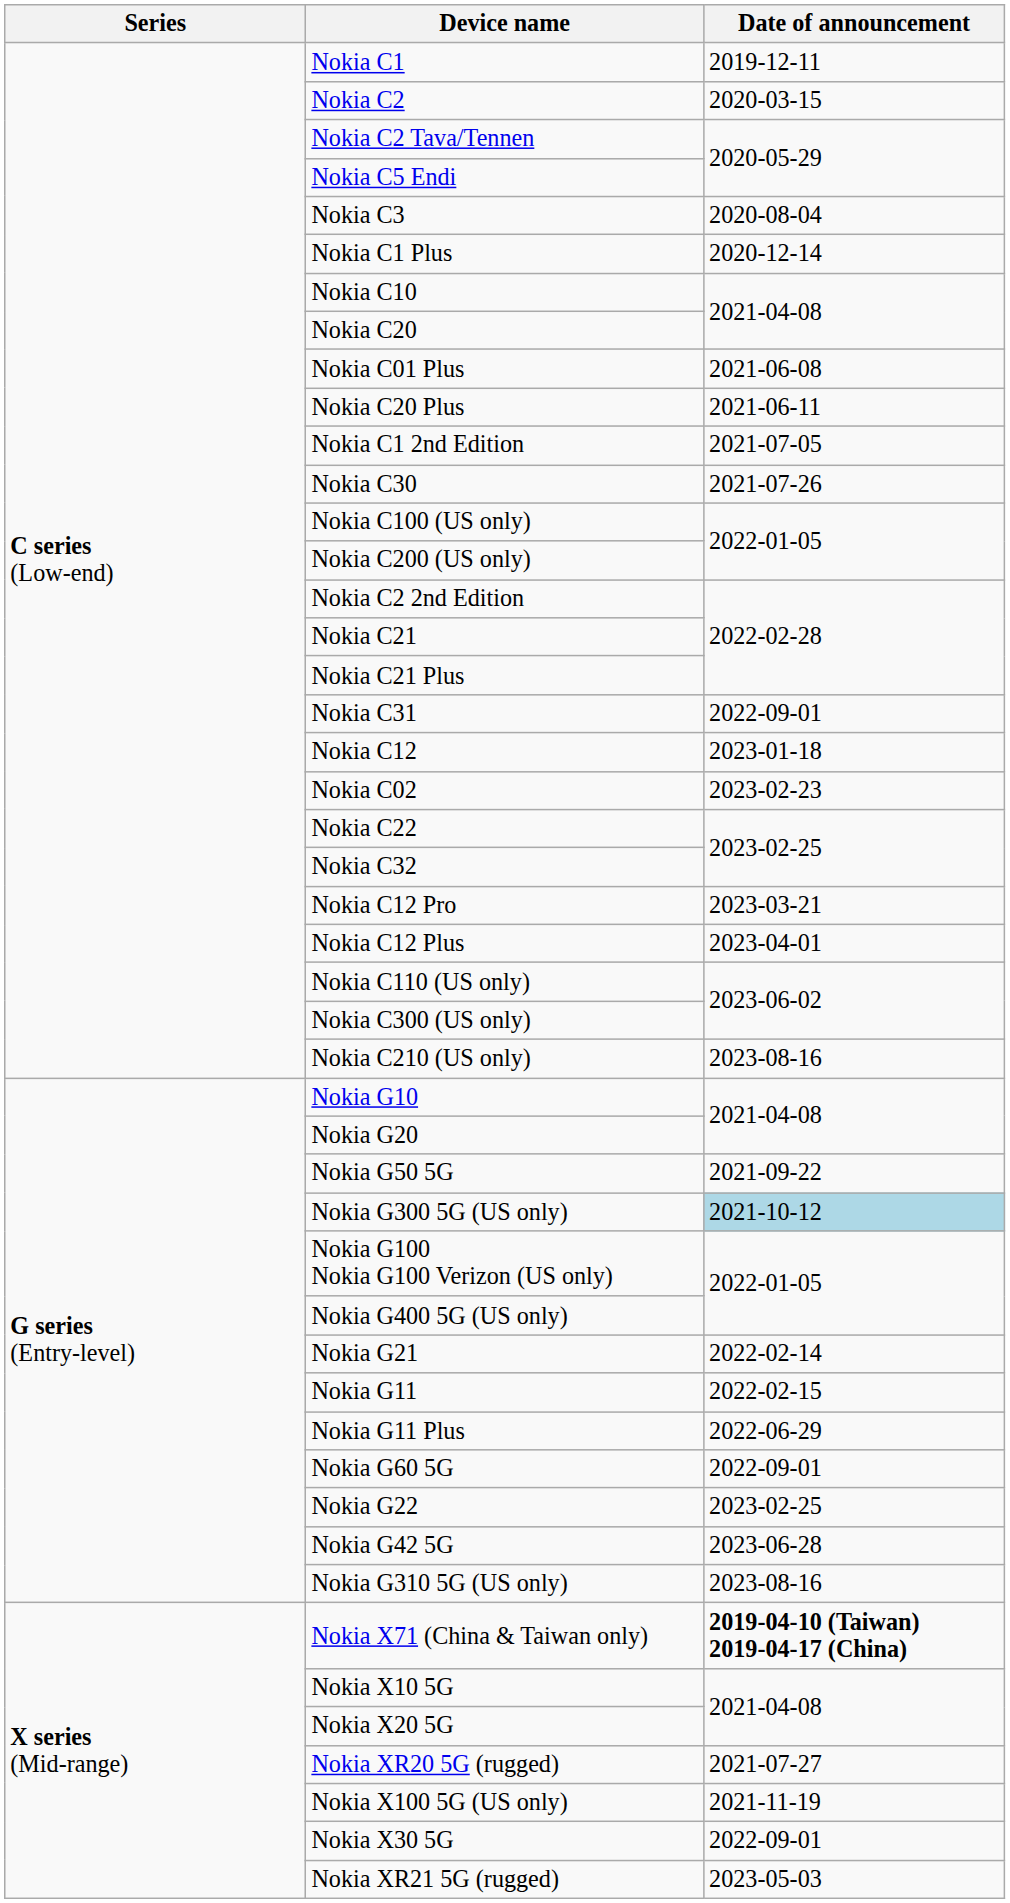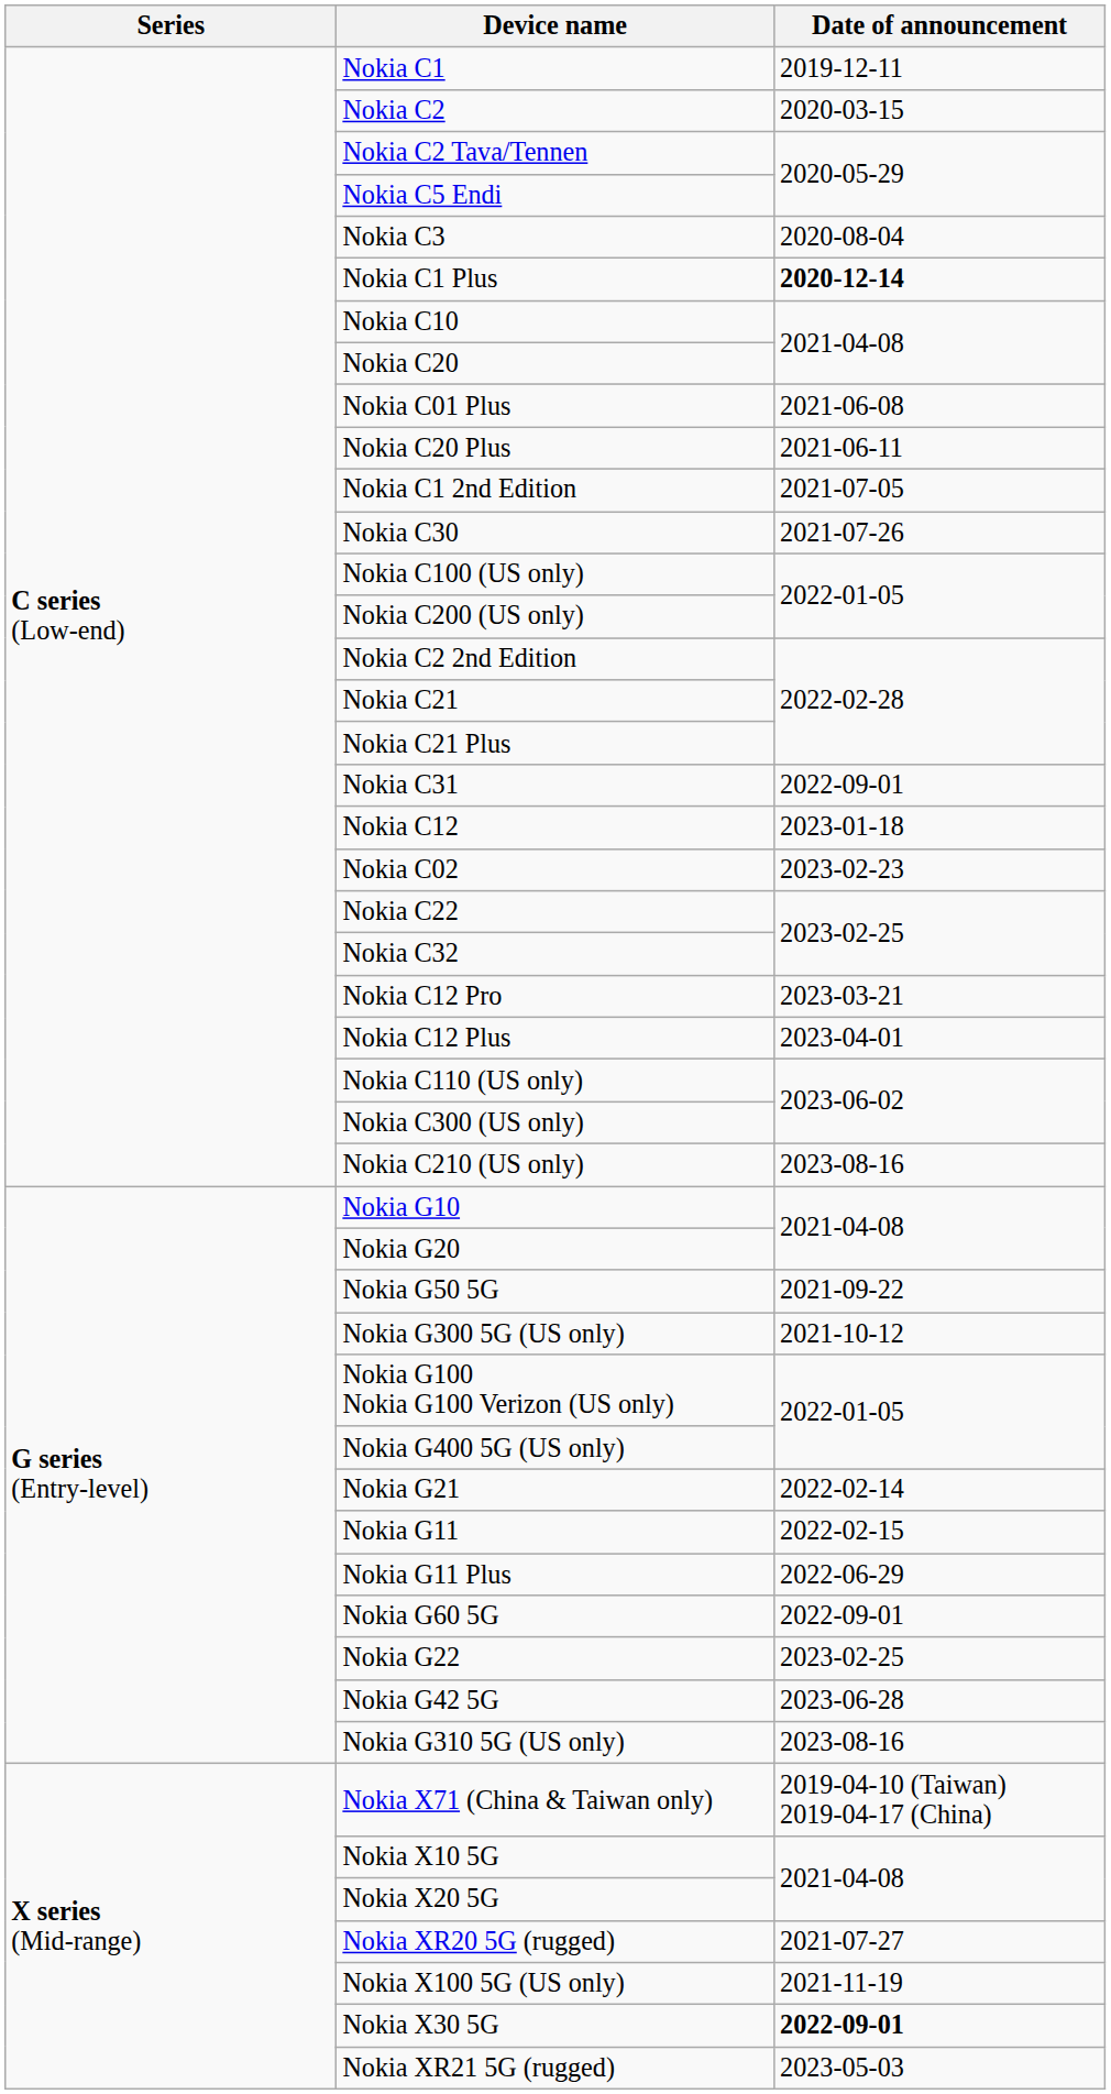 <table class="wikitable sortable">
 <tr>
 <th scope="col" style="width: 192px;">Series</th>
 <th scope="col" style="width: 256px;">Device name</th>
 <th scope="col" style="width: 192px;">Date of announcement</th>
 </tr>
 <tr>
 <td rowspan="27"><strong>C series</strong><br>(Low-end)</td>
 <td><a href='#'>Nokia C1</a></td>
 <td>2019-12-11</td>
 </tr>
 <tr>
 <td><a href='#'>Nokia C2</a></td>
 <td>2020-03-15</td>
 </tr>
 <tr>
 <td><a href='#'>Nokia C2 Tava/Tennen</a></td>
 <td rowspan="2">2020-05-29</td>
 </tr>
 <tr>
 <td><a href='#'>Nokia C5 Endi</a></td>
 </tr>
 <tr>
 <td>Nokia C3</td>
 <td>2020-08-04</td>
 </tr>
 <tr>
 <td>Nokia C1 Plus</td>
-<td>2020-12-14</td>
+<td><strong>2020-12-14</strong></td>
 </tr>
 <tr>
 <td>Nokia C10</td>
 <td rowspan="2">2021-04-08</td>
 </tr>
 <tr>
 <td>Nokia C20</td>
 </tr>
 <tr>
 <td>Nokia C01 Plus</td>
 <td>2021-06-08</td>
 </tr>
 <tr>
 <td>Nokia C20 Plus</td>
 <td>2021-06-11</td>
 </tr>
 <tr>
 <td>Nokia C1 2nd Edition</td>
 <td>2021-07-05</td>
 </tr>
 <tr>
 <td>Nokia C30</td>
 <td>2021-07-26</td>
 </tr>
 <tr>
 <td>Nokia C100 (US only)</td>
 <td rowspan="2">2022-01-05</td>
 </tr>
 <tr>
 <td>Nokia C200 (US only)</td>
 </tr>
 <tr>
 <td>Nokia C2 2nd Edition</td>
 <td rowspan="3">2022-02-28</td>
 </tr>
 <tr>
 <td>Nokia C21</td>
 </tr>
 <tr>
 <td>Nokia C21 Plus</td>
 </tr>
 <tr>
 <td>Nokia C31</td>
 <td>2022-09-01</td>
 </tr>
 <tr>
 <td>Nokia C12</td>
 <td>2023-01-18</td>
 </tr>
 <tr>
 <td>Nokia C02</td>
 <td>2023-02-23</td>
 </tr>
 <tr>
 <td>Nokia C22</td>
 <td rowspan="2">2023-02-25</td>
 </tr>
 <tr>
 <td>Nokia C32</td>
 </tr>
 <tr>
 <td>Nokia C12 Pro</td>
 <td>2023-03-21</td>
 </tr>
 <tr>
 <td>Nokia C12 Plus</td>
 <td>2023-04-01</td>
 </tr>
 <tr>
 <td>Nokia C110 (US only)</td>
 <td rowspan="2">2023-06-02</td>
 </tr>
 <tr>
 <td>Nokia C300 (US only)</td>
 </tr>
 <tr>
 <td>Nokia C210 (US only)</td>
 <td>2023-08-16</td>
 </tr>
 <tr>
 <td rowspan="13"><strong>G series</strong><br>(Entry-level)</td>
 <td><a href='#'>Nokia G10</a></td>
 <td rowspan="2">2021-04-08</td>
 </tr>
 <tr>
 <td>Nokia G20</td>
 </tr>
 <tr>
 <td>Nokia G50 5G</td>
 <td>2021-09-22</td>
 </tr>
 <tr>
 <td>Nokia G300 5G (US only)</td>
-<td style="background: lightblue;">2021-10-12</td>
+<td>2021-10-12</td>
 </tr>
 <tr>
 <td>Nokia G100<br>Nokia G100 Verizon (US only)</td>
 <td rowspan="2">2022-01-05</td>
 </tr>
 <tr>
 <td>Nokia G400 5G (US only)</td>
 </tr>
 <tr>
 <td>Nokia G21</td>
 <td>2022-02-14</td>
 </tr>
 <tr>
 <td>Nokia G11</td>
 <td>2022-02-15</td>
 </tr>
 <tr>
 <td>Nokia G11 Plus</td>
 <td>2022-06-29</td>
 </tr>
 <tr>
 <td>Nokia G60 5G</td>
 <td>2022-09-01</td>
 </tr>
 <tr>
 <td>Nokia G22</td>
 <td>2023-02-25</td>
 </tr>
 <tr>
 <td>Nokia G42 5G</td>
 <td>2023-06-28</td>
 </tr>
 <tr>
 <td>Nokia G310 5G (US only)</td>
 <td>2023-08-16</td>
 </tr>
 <tr>
 <td rowspan="7"><strong>X series</strong><br>(Mid-range)</td>
 <td><a href='#'>Nokia X71</a> (China & Taiwan only)</td>
-<td><strong>2019-04-10 (Taiwan) <br>2019-04-17 (China)</strong></td>
+<td>2019-04-10 (Taiwan) <br>2019-04-17 (China)</td>
 </tr>
 <tr>
 <td>Nokia X10 5G</td>
 <td rowspan="2">2021-04-08</td>
 </tr>
 <tr>
 <td>Nokia X20 5G</td>
 </tr>
 <tr>
 <td><a href='#'>Nokia XR20 5G</a> (rugged)</td>
 <td>2021-07-27</td>
 </tr>
 <tr>
 <td>Nokia X100 5G (US only)</td>
 <td>2021-11-19</td>
 </tr>
 <tr>
 <td>Nokia X30 5G</td>
-<td>2022-09-01</td>
+<td><strong>2022-09-01</strong></td>
 </tr>
 <tr>
 <td>Nokia XR21 5G (rugged)</td>
 <td>2023-05-03</td>
 </tr>
 </table>
